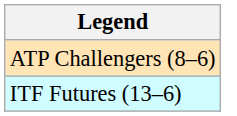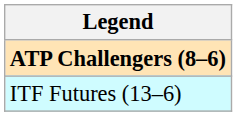 <table class=wikitable>
 <tr>
 <th>Legend</th>
 </tr>
 <tr style="background:moccasin;">
-<td>ATP Challengers (8–6)</td>
+<td><strong>ATP Challengers (8–6)</strong></td>
 </tr>
 <tr style="background:#cffcff;">
 <td>ITF Futures (13–6)</td>
 </tr>
 </table>
